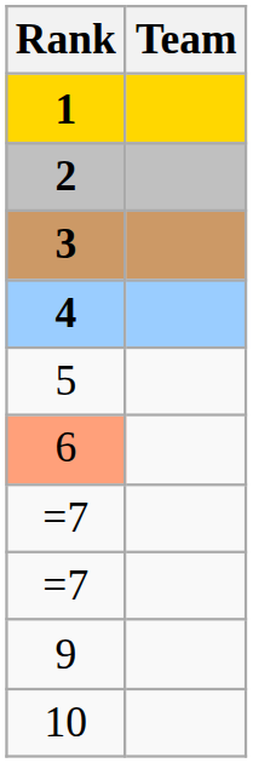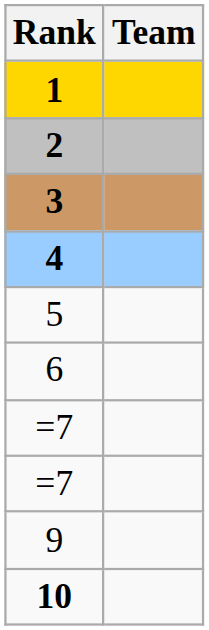 <table class="wikitable" style="margin: 0 auto;">
 <tr>
 <th>Rank</th>
 <th>Team</th>
 </tr>
 <tr bgcolor=gold>
 <td align=center><strong>1</strong></td>
 <td align=left><strong></strong></td>
 </tr>
 <tr bgcolor=silver>
 <td align=center><strong>2</strong></td>
 <td align=left></td>
 </tr>
 <tr bgcolor=#cc9966>
 <td align=center><strong>3</strong></td>
 <td align=left></td>
 </tr>
 <tr bgcolor=#9acdff>
 <td align=center><strong>4</strong></td>
 <td align=left></td>
 </tr>
 <tr>
 <td align=center>5</td>
 <td align=left></td>
 </tr>
 <tr>
-<td align=center style="background: lightsalmon;">6</td>
+<td align=center>6</td>
 <td align=left></td>
 </tr>
 <tr>
 <td align=center>=7</td>
 <td align=left></td>
 </tr>
 <tr>
 <td align=center>=7</td>
 <td align=left></td>
 </tr>
 <tr>
 <td align=center>9</td>
 <td align=left></td>
 </tr>
 <tr>
-<td align=center>10</td>
+<td align=center><strong>10</strong></td>
 <td align=left></td>
 </tr>
 </table>
